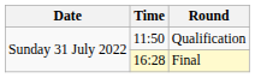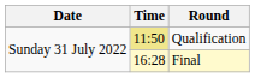 <table class="wikitable">
 <tr>
 <th>Date</th>
 <th>Time</th>
 <th>Round</th>
 </tr>
 <tr>
 <td rowspan=2>Sunday 31 July 2022</td>
-<td>11:50</td>
+<td style="background: khaki;">11:50</td>
 <td>Qualification</td>
 </tr>
 <tr>
 <td style=background:lemonchiffon>16:28</td>
 <td style=background:lemonchiffon>Final</td>
 </tr>
 </table>
